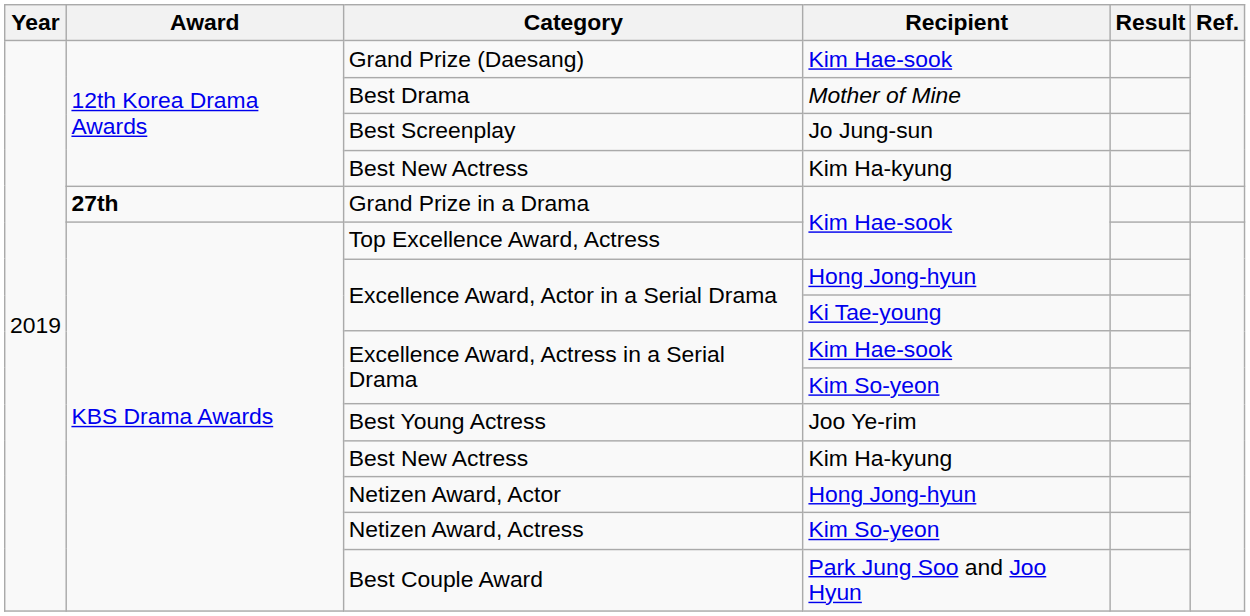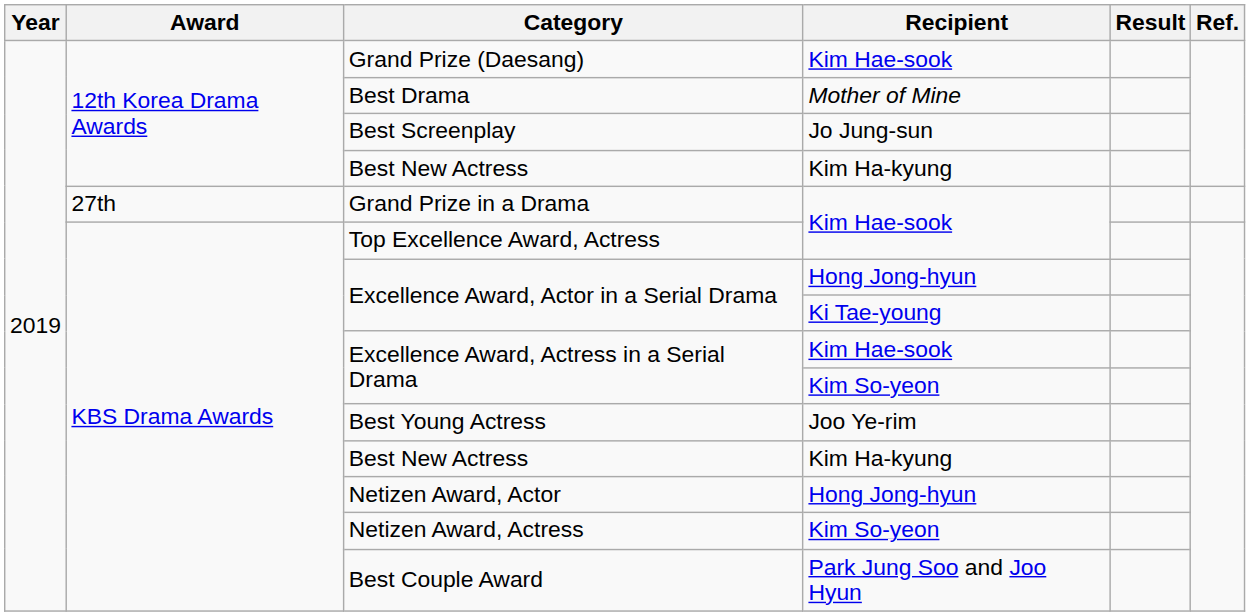 <table class="wikitable">
 <tr>
 <th>Year</th>
 <th>Award</th>
 <th>Category</th>
 <th>Recipient</th>
 <th>Result</th>
 <th>Ref.</th>
 </tr>
 <tr>
 <td rowspan=15>2019</td>
 <td rowspan=4><a href='#'>12th Korea Drama Awards</a></td>
 <td>Grand Prize (Daesang)</td>
 <td><a href='#'>Kim Hae-sook</a></td>
 <td></td>
 <td rowspan=4></td>
 </tr>
 <tr>
 <td>Best Drama</td>
 <td><em>Mother of Mine</em></td>
 <td></td>
 </tr>
 <tr>
 <td>Best Screenplay</td>
 <td>Jo Jung-sun</td>
 <td></td>
 </tr>
 <tr>
 <td>Best New Actress</td>
 <td>Kim Ha-kyung</td>
 <td></td>
 </tr>
 <tr>
-<td><strong>27th </strong></td>
+<td>27th </td>
 <td>Grand Prize in a Drama</td>
 <td rowspan=2><a href='#'>Kim Hae-sook</a></td>
 <td></td>
 <td></td>
 </tr>
 <tr>
 <td rowspan=10><a href='#'>KBS Drama Awards</a></td>
 <td>Top Excellence Award, Actress</td>
 <td></td>
 <td rowspan="10"></td>
 </tr>
 <tr>
 <td rowspan=2>Excellence Award, Actor in a Serial Drama</td>
 <td><a href='#'>Hong Jong-hyun</a></td>
 <td></td>
 </tr>
 <tr>
 <td><a href='#'>Ki Tae-young</a></td>
 <td></td>
 </tr>
 <tr>
 <td rowspan=2>Excellence Award, Actress in a Serial Drama</td>
 <td><a href='#'>Kim Hae-sook</a></td>
 <td></td>
 </tr>
 <tr>
 <td><a href='#'>Kim So-yeon</a></td>
 <td></td>
 </tr>
 <tr>
 <td>Best Young Actress</td>
 <td>Joo Ye-rim</td>
 <td></td>
 </tr>
 <tr>
 <td>Best New Actress</td>
 <td>Kim Ha-kyung</td>
 <td></td>
 </tr>
 <tr>
 <td>Netizen Award, Actor</td>
 <td><a href='#'>Hong Jong-hyun</a></td>
 <td></td>
 </tr>
 <tr>
 <td>Netizen Award, Actress</td>
 <td><a href='#'>Kim So-yeon</a></td>
 <td></td>
 </tr>
 <tr>
 <td>Best Couple Award</td>
 <td><a href='#'>Park Jung Soo</a> and <a href='#'>Joo Hyun</a></td>
 <td></td>
 </tr>
 </table>
